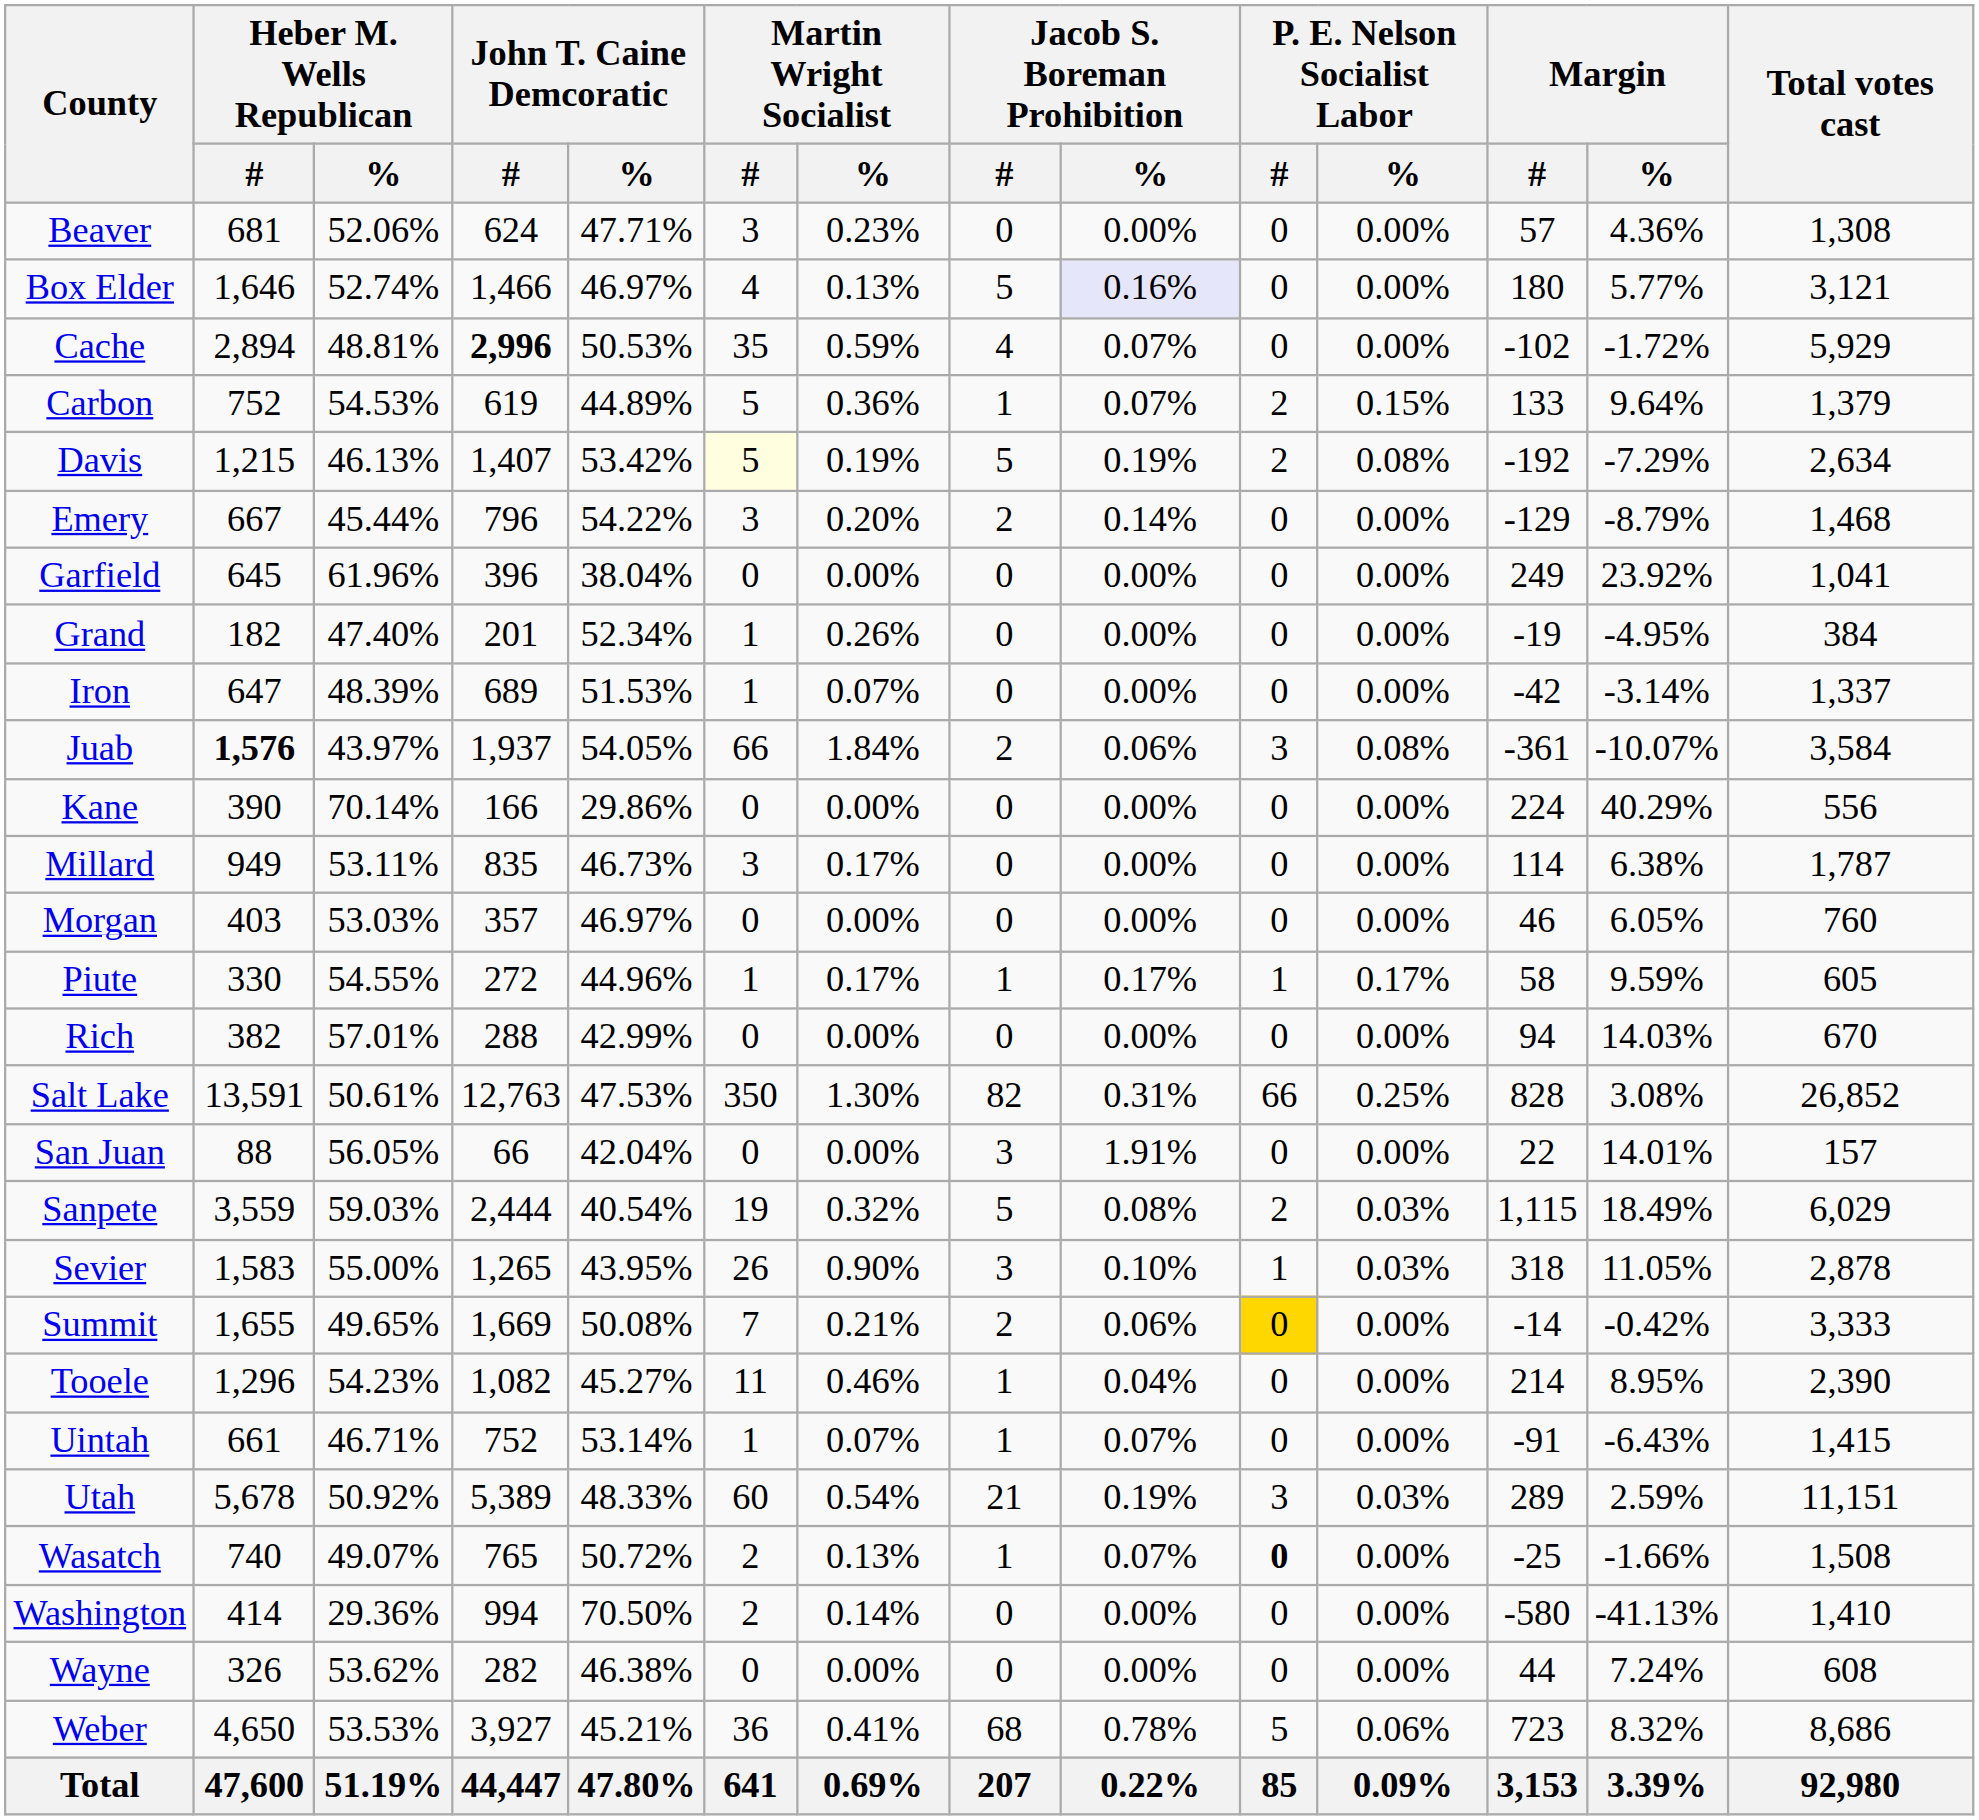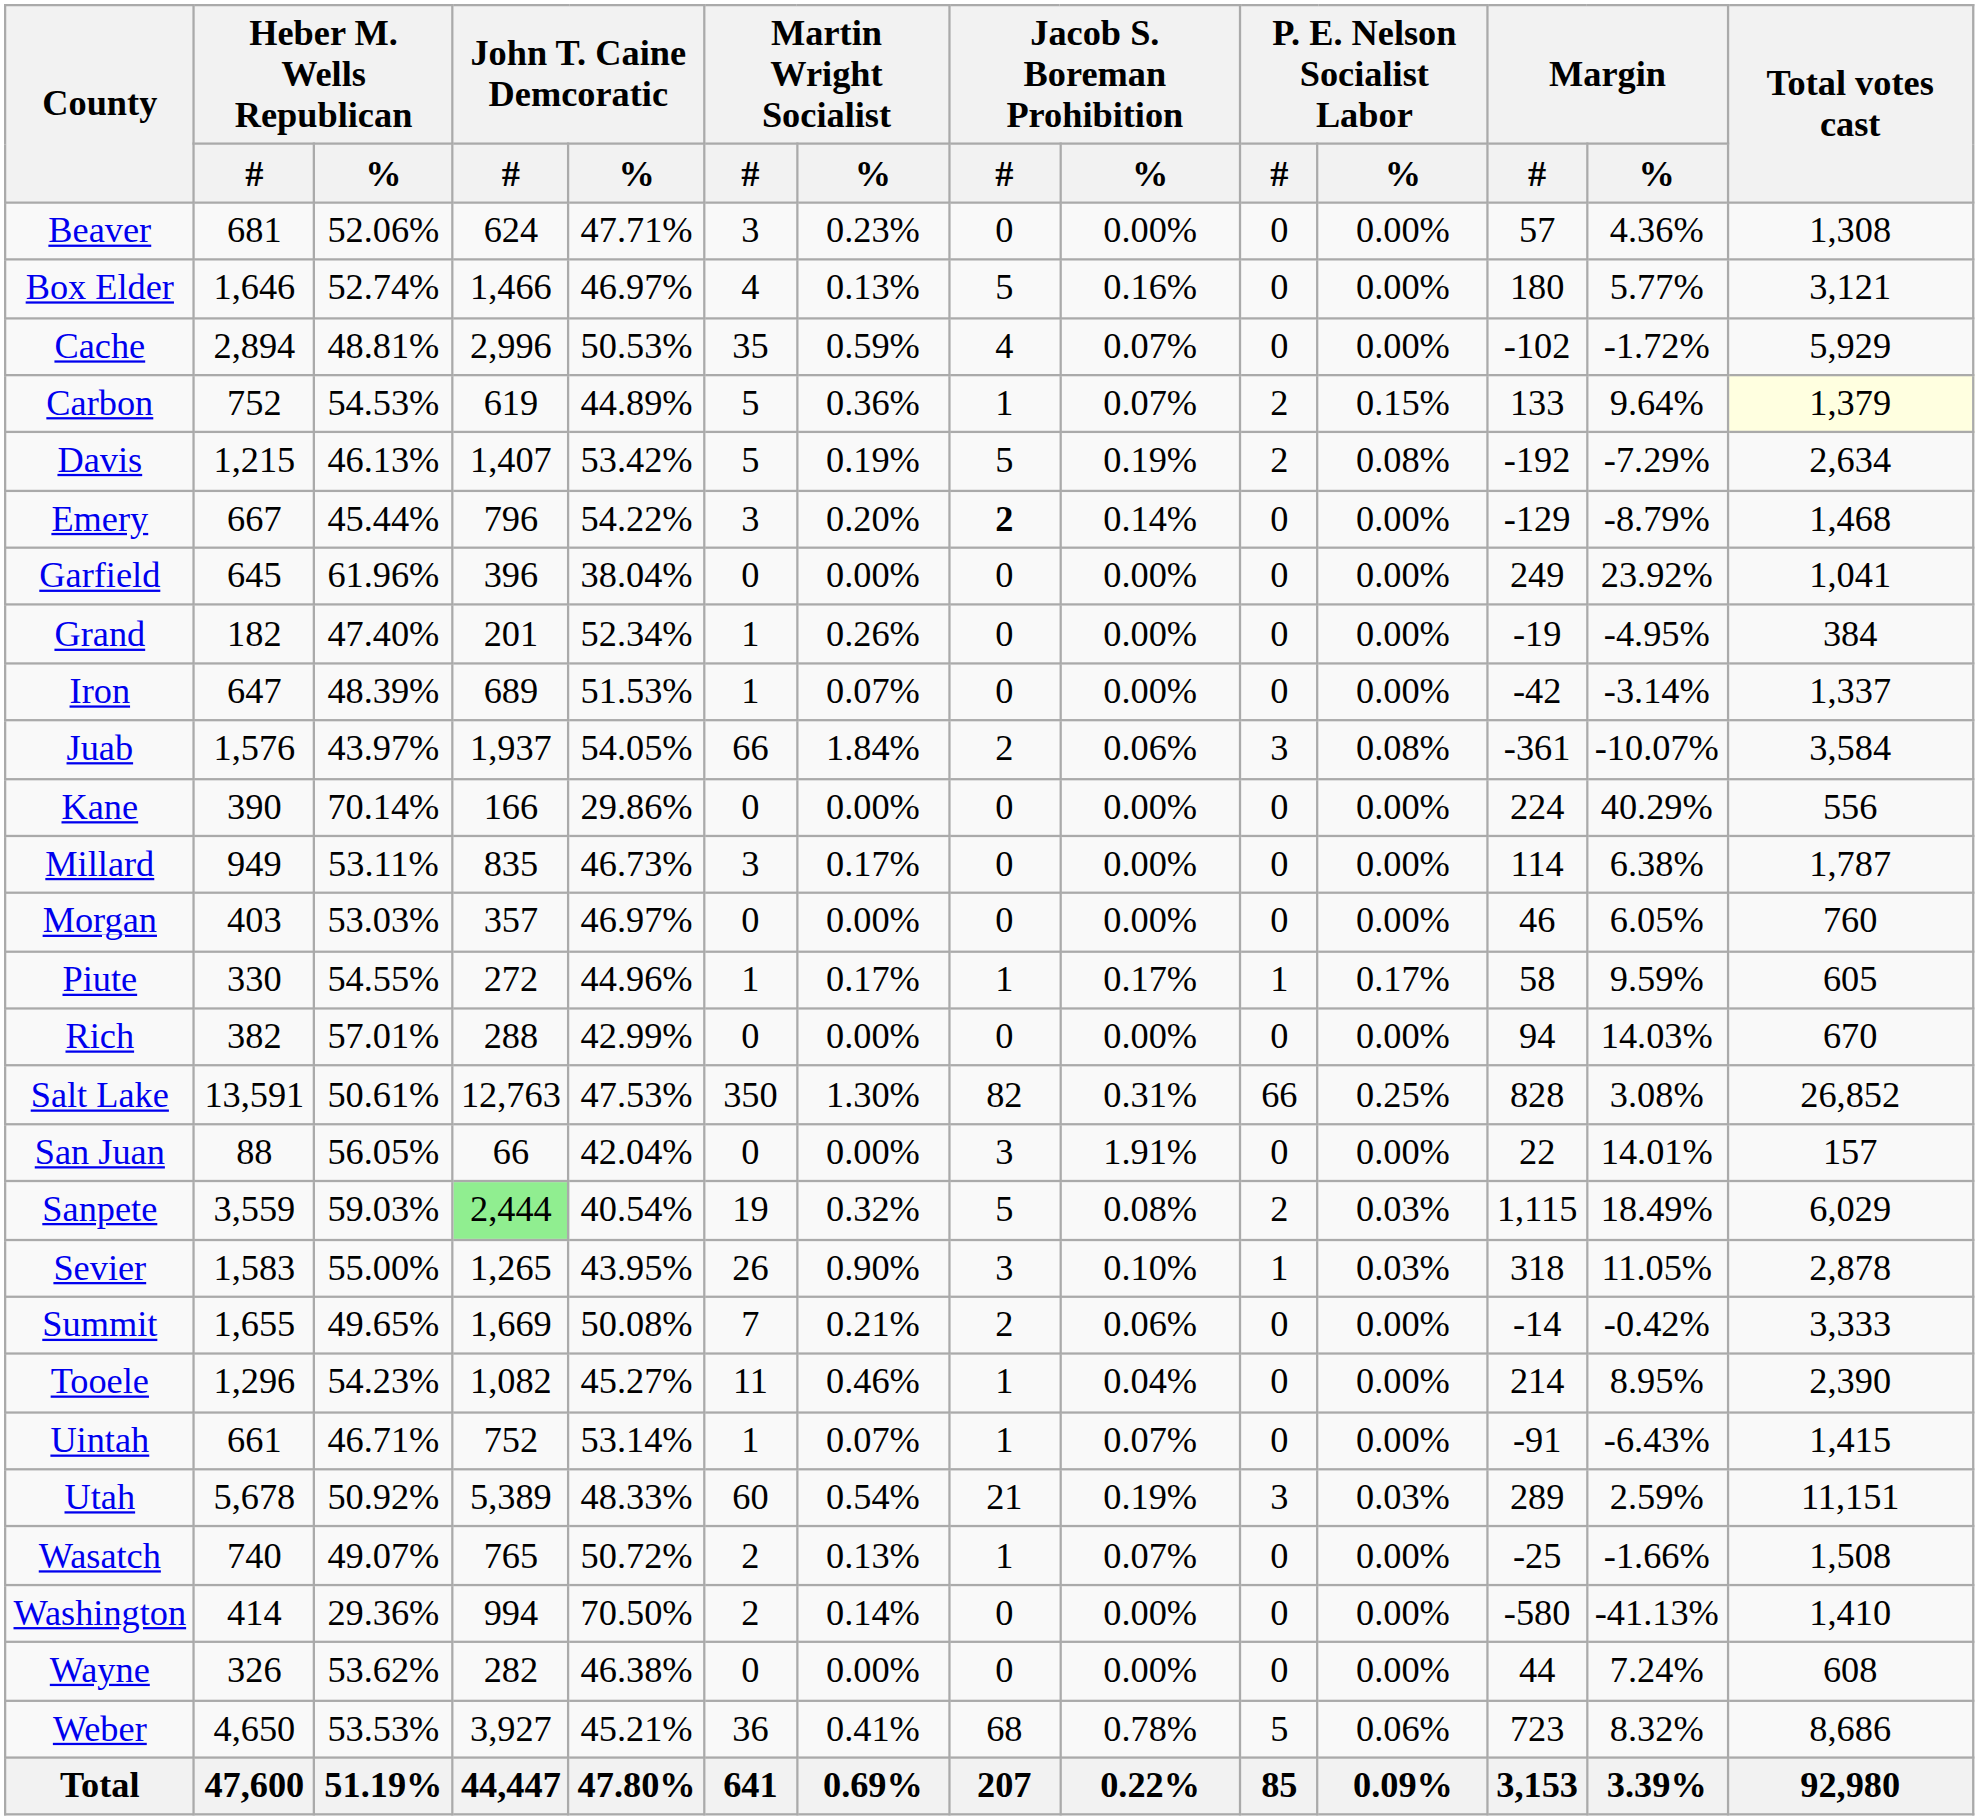 <table class="wikitable sortable" style="text-align:center">
 <tr>
 <th rowspan="2">County</th>
 <th style="text-align:center;" colspan="2">Heber M. Wells<br>Republican</th>
 <th style="text-align:center;" colspan="2">John T. Caine<br>Demcoratic</th>
 <th style="text-align:center;" colspan="2">Martin Wright<br>Socialist</th>
 <th style="text-align:center;" colspan="2">Jacob S. Boreman<br>Prohibition</th>
 <th style="text-align:center;" colspan="2">P. E. Nelson<br>Socialist Labor</th>
 <th style="text-align:center;" colspan="2">Margin</th>
 <th style="text-align:center;" rowspan="2">Total votes cast</th>
 </tr>
 <tr>
 <th style="text-align:center;" data-sort-type="number">#</th>
 <th style="text-align:center;" data-sort-type="number">%</th>
 <th style="text-align:center;" data-sort-type="number">#</th>
 <th style="text-align:center;" data-sort-type="number">%</th>
 <th style="text-align:center;" data-sort-type="number">#</th>
 <th style="text-align:center;" data-sort-type="number">%</th>
 <th style="text-align:center;" data-sort-type="number">#</th>
 <th style="text-align:center;" data-sort-type="number">%</th>
 <th style="text-align:center;" data-sort-type="number">#</th>
 <th style="text-align:center;" data-sort-type="number">%</th>
 <th style="text-align:center;" data-sort-type="number">#</th>
 <th style="text-align:center;" data-sort-type="number">%</th>
 </tr>
 <tr style="text-align:center;">
 <td><a href='#'>Beaver</a></td>
 <td>681</td>
 <td>52.06%</td>
 <td>624</td>
 <td>47.71%</td>
 <td>3</td>
 <td>0.23%</td>
 <td>0</td>
 <td>0.00%</td>
 <td>0</td>
 <td>0.00%</td>
 <td>57</td>
 <td>4.36%</td>
 <td>1,308</td>
 </tr>
 <tr style="text-align:center;">
 <td><a href='#'>Box Elder</a></td>
 <td>1,646</td>
 <td>52.74%</td>
 <td>1,466</td>
 <td>46.97%</td>
 <td>4</td>
 <td>0.13%</td>
 <td>5</td>
-<td style="background: lavender;">0.16%</td>
+<td>0.16%</td>
 <td>0</td>
 <td>0.00%</td>
 <td>180</td>
 <td>5.77%</td>
 <td>3,121</td>
 </tr>
 <tr style="text-align:center;">
 <td><a href='#'>Cache</a></td>
 <td>2,894</td>
 <td>48.81%</td>
-<td><strong>2,996</strong></td>
+<td>2,996</td>
 <td>50.53%</td>
 <td>35</td>
 <td>0.59%</td>
 <td>4</td>
 <td>0.07%</td>
 <td>0</td>
 <td>0.00%</td>
 <td>-102</td>
 <td>-1.72%</td>
 <td>5,929</td>
 </tr>
 <tr style="text-align:center;">
 <td><a href='#'>Carbon</a></td>
 <td>752</td>
 <td>54.53%</td>
 <td>619</td>
 <td>44.89%</td>
 <td>5</td>
 <td>0.36%</td>
 <td>1</td>
 <td>0.07%</td>
 <td>2</td>
 <td>0.15%</td>
 <td>133</td>
 <td>9.64%</td>
-<td>1,379</td>
+<td style="background: lightyellow;">1,379</td>
 </tr>
 <tr style="text-align:center;">
 <td><a href='#'>Davis</a></td>
 <td>1,215</td>
 <td>46.13%</td>
 <td>1,407</td>
 <td>53.42%</td>
-<td style="background: lightyellow;">5</td>
+<td>5</td>
 <td>0.19%</td>
 <td>5</td>
 <td>0.19%</td>
 <td>2</td>
 <td>0.08%</td>
 <td>-192</td>
 <td>-7.29%</td>
 <td>2,634</td>
 </tr>
 <tr style="text-align:center;">
 <td><a href='#'>Emery</a></td>
 <td>667</td>
 <td>45.44%</td>
 <td>796</td>
 <td>54.22%</td>
 <td>3</td>
 <td>0.20%</td>
-<td>2</td>
+<td><strong>2</strong></td>
 <td>0.14%</td>
 <td>0</td>
 <td>0.00%</td>
 <td>-129</td>
 <td>-8.79%</td>
 <td>1,468</td>
 </tr>
 <tr style="text-align:center;">
 <td><a href='#'>Garfield</a></td>
 <td>645</td>
 <td>61.96%</td>
 <td>396</td>
 <td>38.04%</td>
 <td>0</td>
 <td>0.00%</td>
 <td>0</td>
 <td>0.00%</td>
 <td>0</td>
 <td>0.00%</td>
 <td>249</td>
 <td>23.92%</td>
 <td>1,041</td>
 </tr>
 <tr style="text-align:center;">
 <td><a href='#'>Grand</a></td>
 <td>182</td>
 <td>47.40%</td>
 <td>201</td>
 <td>52.34%</td>
 <td>1</td>
 <td>0.26%</td>
 <td>0</td>
 <td>0.00%</td>
 <td>0</td>
 <td>0.00%</td>
 <td>-19</td>
 <td>-4.95%</td>
 <td>384</td>
 </tr>
 <tr style="text-align:center;">
 <td><a href='#'>Iron</a></td>
 <td>647</td>
 <td>48.39%</td>
 <td>689</td>
 <td>51.53%</td>
 <td>1</td>
 <td>0.07%</td>
 <td>0</td>
 <td>0.00%</td>
 <td>0</td>
 <td>0.00%</td>
 <td>-42</td>
 <td>-3.14%</td>
 <td>1,337</td>
 </tr>
 <tr style="text-align:center;">
 <td><a href='#'>Juab</a></td>
-<td><strong>1,576</strong></td>
+<td>1,576</td>
 <td>43.97%</td>
 <td>1,937</td>
 <td>54.05%</td>
 <td>66</td>
 <td>1.84%</td>
 <td>2</td>
 <td>0.06%</td>
 <td>3</td>
 <td>0.08%</td>
 <td>-361</td>
 <td>-10.07%</td>
 <td>3,584</td>
 </tr>
 <tr style="text-align:center;">
 <td><a href='#'>Kane</a></td>
 <td>390</td>
 <td>70.14%</td>
 <td>166</td>
 <td>29.86%</td>
 <td>0</td>
 <td>0.00%</td>
 <td>0</td>
 <td>0.00%</td>
 <td>0</td>
 <td>0.00%</td>
 <td>224</td>
 <td>40.29%</td>
 <td>556</td>
 </tr>
 <tr style="text-align:center;">
 <td><a href='#'>Millard</a></td>
 <td>949</td>
 <td>53.11%</td>
 <td>835</td>
 <td>46.73%</td>
 <td>3</td>
 <td>0.17%</td>
 <td>0</td>
 <td>0.00%</td>
 <td>0</td>
 <td>0.00%</td>
 <td>114</td>
 <td>6.38%</td>
 <td>1,787</td>
 </tr>
 <tr style="text-align:center;">
 <td><a href='#'>Morgan</a></td>
 <td>403</td>
 <td>53.03%</td>
 <td>357</td>
 <td>46.97%</td>
 <td>0</td>
 <td>0.00%</td>
 <td>0</td>
 <td>0.00%</td>
 <td>0</td>
 <td>0.00%</td>
 <td>46</td>
 <td>6.05%</td>
 <td>760</td>
 </tr>
 <tr style="text-align:center;">
 <td><a href='#'>Piute</a></td>
 <td>330</td>
 <td>54.55%</td>
 <td>272</td>
 <td>44.96%</td>
 <td>1</td>
 <td>0.17%</td>
 <td>1</td>
 <td>0.17%</td>
 <td>1</td>
 <td>0.17%</td>
 <td>58</td>
 <td>9.59%</td>
 <td>605</td>
 </tr>
 <tr style="text-align:center;">
 <td><a href='#'>Rich</a></td>
 <td>382</td>
 <td>57.01%</td>
 <td>288</td>
 <td>42.99%</td>
 <td>0</td>
 <td>0.00%</td>
 <td>0</td>
 <td>0.00%</td>
 <td>0</td>
 <td>0.00%</td>
 <td>94</td>
 <td>14.03%</td>
 <td>670</td>
 </tr>
 <tr style="text-align:center;">
 <td><a href='#'>Salt Lake</a></td>
 <td>13,591</td>
 <td>50.61%</td>
 <td>12,763</td>
 <td>47.53%</td>
 <td>350</td>
 <td>1.30%</td>
 <td>82</td>
 <td>0.31%</td>
 <td>66</td>
 <td>0.25%</td>
 <td>828</td>
 <td>3.08%</td>
 <td>26,852</td>
 </tr>
 <tr style="text-align:center;">
 <td><a href='#'>San Juan</a></td>
 <td>88</td>
 <td>56.05%</td>
 <td>66</td>
 <td>42.04%</td>
 <td>0</td>
 <td>0.00%</td>
 <td>3</td>
 <td>1.91%</td>
 <td>0</td>
 <td>0.00%</td>
 <td>22</td>
 <td>14.01%</td>
 <td>157</td>
 </tr>
 <tr style="text-align:center;">
 <td><a href='#'>Sanpete</a></td>
 <td>3,559</td>
 <td>59.03%</td>
-<td>2,444</td>
+<td style="background: lightgreen;">2,444</td>
 <td>40.54%</td>
 <td>19</td>
 <td>0.32%</td>
 <td>5</td>
 <td>0.08%</td>
 <td>2</td>
 <td>0.03%</td>
 <td>1,115</td>
 <td>18.49%</td>
 <td>6,029</td>
 </tr>
 <tr style="text-align:center;">
 <td><a href='#'>Sevier</a></td>
 <td>1,583</td>
 <td>55.00%</td>
 <td>1,265</td>
 <td>43.95%</td>
 <td>26</td>
 <td>0.90%</td>
 <td>3</td>
 <td>0.10%</td>
 <td>1</td>
 <td>0.03%</td>
 <td>318</td>
 <td>11.05%</td>
 <td>2,878</td>
 </tr>
 <tr style="text-align:center;">
 <td><a href='#'>Summit</a></td>
 <td>1,655</td>
 <td>49.65%</td>
 <td>1,669</td>
 <td>50.08%</td>
 <td>7</td>
 <td>0.21%</td>
 <td>2</td>
 <td>0.06%</td>
-<td style="background: gold;">0</td>
+<td>0</td>
 <td>0.00%</td>
 <td>-14</td>
 <td>-0.42%</td>
 <td>3,333</td>
 </tr>
 <tr style="text-align:center;">
 <td><a href='#'>Tooele</a></td>
 <td>1,296</td>
 <td>54.23%</td>
 <td>1,082</td>
 <td>45.27%</td>
 <td>11</td>
 <td>0.46%</td>
 <td>1</td>
 <td>0.04%</td>
 <td>0</td>
 <td>0.00%</td>
 <td>214</td>
 <td>8.95%</td>
 <td>2,390</td>
 </tr>
 <tr style="text-align:center;">
 <td><a href='#'>Uintah</a></td>
 <td>661</td>
 <td>46.71%</td>
 <td>752</td>
 <td>53.14%</td>
 <td>1</td>
 <td>0.07%</td>
 <td>1</td>
 <td>0.07%</td>
 <td>0</td>
 <td>0.00%</td>
 <td>-91</td>
 <td>-6.43%</td>
 <td>1,415</td>
 </tr>
 <tr style="text-align:center;">
 <td><a href='#'>Utah</a></td>
 <td>5,678</td>
 <td>50.92%</td>
 <td>5,389</td>
 <td>48.33%</td>
 <td>60</td>
 <td>0.54%</td>
 <td>21</td>
 <td>0.19%</td>
 <td>3</td>
 <td>0.03%</td>
 <td>289</td>
 <td>2.59%</td>
 <td>11,151</td>
 </tr>
 <tr style="text-align:center;">
 <td><a href='#'>Wasatch</a></td>
 <td>740</td>
 <td>49.07%</td>
 <td>765</td>
 <td>50.72%</td>
 <td>2</td>
 <td>0.13%</td>
 <td>1</td>
 <td>0.07%</td>
-<td><strong>0</strong></td>
+<td>0</td>
 <td>0.00%</td>
 <td>-25</td>
 <td>-1.66%</td>
 <td>1,508</td>
 </tr>
 <tr style="text-align:center;">
 <td><a href='#'>Washington</a></td>
 <td>414</td>
 <td>29.36%</td>
 <td>994</td>
 <td>70.50%</td>
 <td>2</td>
 <td>0.14%</td>
 <td>0</td>
 <td>0.00%</td>
 <td>0</td>
 <td>0.00%</td>
 <td>-580</td>
 <td>-41.13%</td>
 <td>1,410</td>
 </tr>
 <tr style="text-align:center;">
 <td><a href='#'>Wayne</a></td>
 <td>326</td>
 <td>53.62%</td>
 <td>282</td>
 <td>46.38%</td>
 <td>0</td>
 <td>0.00%</td>
 <td>0</td>
 <td>0.00%</td>
 <td>0</td>
 <td>0.00%</td>
 <td>44</td>
 <td>7.24%</td>
 <td>608</td>
 </tr>
 <tr style="text-align:center;">
 <td><a href='#'>Weber</a></td>
 <td>4,650</td>
 <td>53.53%</td>
 <td>3,927</td>
 <td>45.21%</td>
 <td>36</td>
 <td>0.41%</td>
 <td>68</td>
 <td>0.78%</td>
 <td>5</td>
 <td>0.06%</td>
 <td>723</td>
 <td>8.32%</td>
 <td>8,686</td>
 </tr>
 <tr style="text-align:center;">
 <th>Total</th>
 <th>47,600</th>
 <th>51.19%</th>
 <th>44,447</th>
 <th>47.80%</th>
 <th>641</th>
 <th>0.69%</th>
 <th>207</th>
 <th>0.22%</th>
 <th>85</th>
 <th>0.09%</th>
 <th>3,153</th>
 <th>3.39%</th>
 <th>92,980</th>
 </tr>
 </table>
